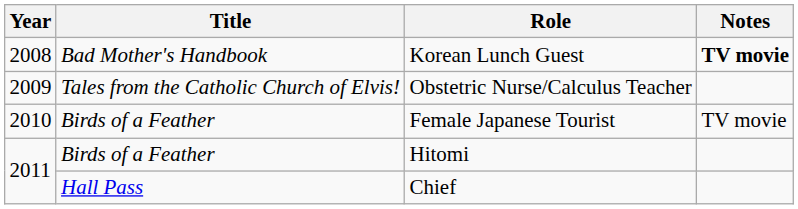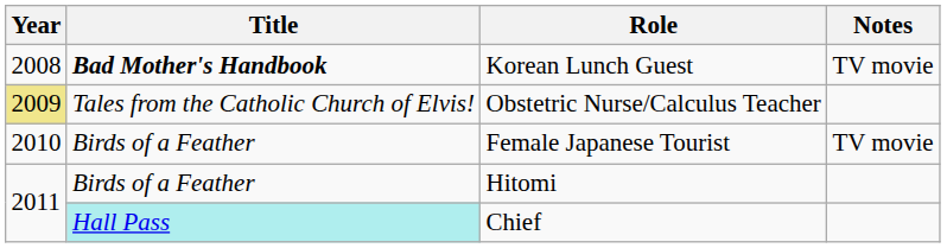 <table class="wikitable sortable">
 <tr>
 <th>Year</th>
 <th>Title</th>
 <th>Role</th>
 <th>Notes</th>
 </tr>
 <tr>
 <td>2008</td>
-<td><em>Bad Mother's Handbook</em></td>
+<td><strong><em>Bad Mother's Handbook</em></strong></td>
 <td>Korean Lunch Guest</td>
-<td><strong>TV movie</strong></td>
+<td>TV movie</td>
 </tr>
 <tr>
-<td>2009</td>
+<td style="background: khaki;">2009</td>
 <td><em>Tales from the Catholic Church of Elvis!</em></td>
 <td>Obstetric Nurse/Calculus Teacher</td>
 <td></td>
 </tr>
 <tr>
 <td>2010</td>
 <td><em>Birds of a Feather</em></td>
 <td>Female Japanese Tourist</td>
 <td>TV movie</td>
 </tr>
 <tr>
 <td rowspan="2">2011</td>
 <td><em>Birds of a Feather</em></td>
 <td>Hitomi</td>
 <td></td>
 </tr>
 <tr>
-<td><em><a href='#'>Hall Pass</a></em></td>
+<td style="background: paleturquoise;"><em><a href='#'>Hall Pass</a></em></td>
 <td>Chief</td>
 <td></td>
 </tr>
 </table>
